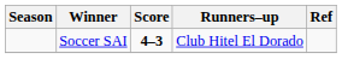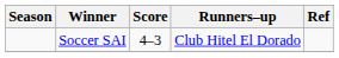 <table class="sortable wikitable">
 <tr>
 <th scope="col">Season</th>
 <th scope="col">Winner</th>
 <th scope="col">Score</th>
 <th scope="col">Runners–up</th>
 <th>Ref</th>
 </tr>
 <tr>
 <td align=center></td>
 <td><a href='#'>Soccer SAI</a></td>
-<td align=center><strong>4–3</strong></td>
+<td align=center>4–3</td>
 <td><a href='#'>Club Hitel El Dorado</a></td>
 <td></td>
 </tr>
 <tr>
 </tr>
 </table>
